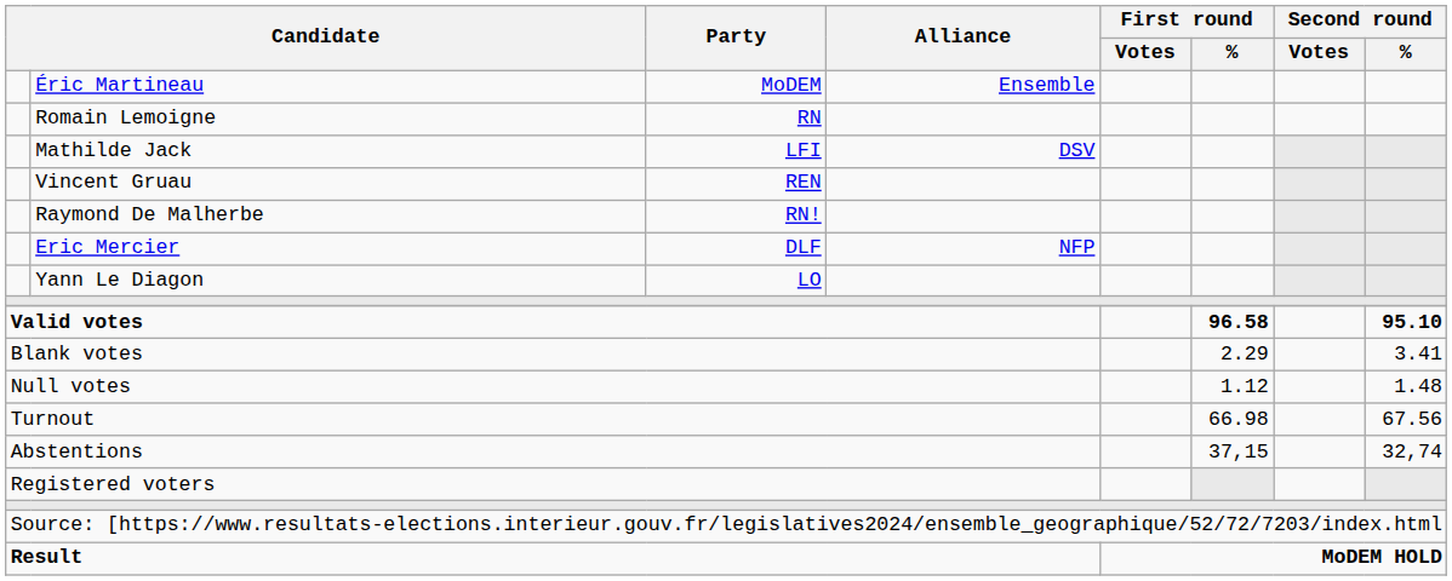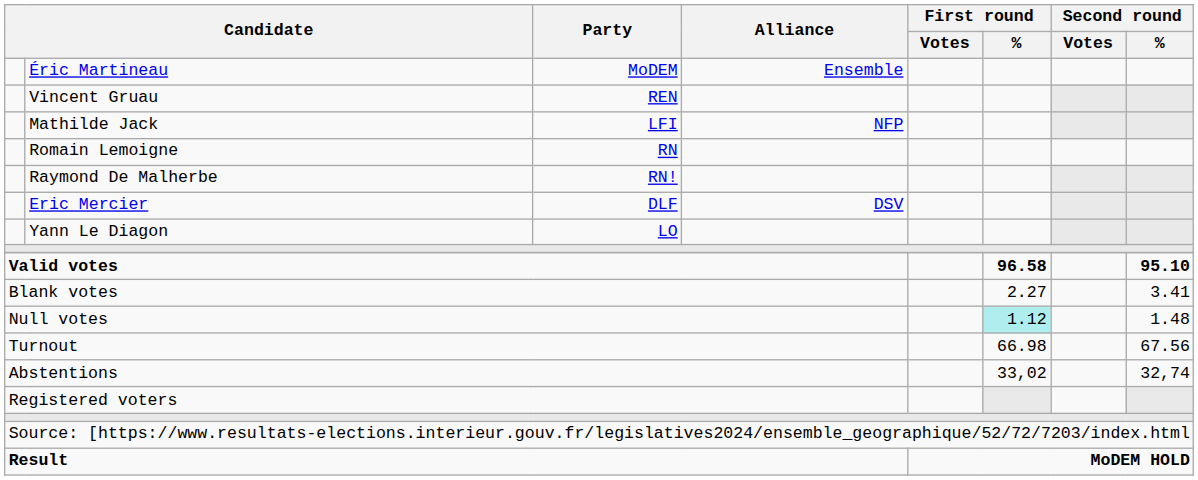 <table class="wikitable" style="text-align:right;font-size:95%;">
 <tr>
 <th colspan="2" rowspan="2">Candidate</th>
 <th colspan="1" rowspan="2">Party</th>
 <th colspan="1" rowspan="2">Alliance</th>
 <th colspan="2">First round</th>
 <th colspan="2">Second round</th>
 </tr>
 <tr>
 <th style="width:50px;">Votes</th>
 <th style="width:45px;">%</th>
 <th style="width:50px;">Votes</th>
 <th style="width:45px;">%</th>
 </tr>
 <tr>
 <td style="color:inherit;background:"></td>
 <td style="text-align:left;"><a href='#'>Éric Martineau</a></td>
 <td><a href='#'>MoDEM</a></td>
 <td><a href='#'>Ensemble</a></td>
 <td><strong></strong></td>
 <td><strong></strong></td>
 <td><strong></strong></td>
 <td><strong></strong></td>
 </tr>
 <tr>
 <td style="color:inherit;background:"></td>
+<td style="text-align:left;">Vincent Gruau</td>
+<td><a href='#'>REN</a></td>
+<td></td>
+<td></td>
+<td></td>
+<td style="background:#E9E9E9;"></td>
+<td style="background:#E9E9E9;"></td>
+</tr>
+<tr>
+<td style="color:inherit;background:"></td>
+<td style="text-align:left;">Mathilde Jack</td>
+<td><a href='#'>LFI</a></td>
+<td><a href='#'>NFP</a></td>
+<td></td>
+<td></td>
+<td style="background:#E9E9E9;"></td>
+<td style="background:#E9E9E9;"></td>
+</tr>
+<tr>
+<td style="color:inherit;background:"></td>
 <td style="text-align:left;">Romain Lemoigne</td>
 <td><a href='#'>RN</a></td>
 <td></td>
 <td><strong></strong></td>
 <td><strong></strong></td>
 <td></td>
 <td></td>
-</tr>
-<tr>
-<td style="color:inherit;background:"></td>
-<td style="text-align:left;">Mathilde Jack</td>
-<td><a href='#'>LFI</a></td>
-<td><a href='#'>DSV</a></td>
-<td></td>
-<td></td>
-<td style="background:#E9E9E9;"></td>
-<td style="background:#E9E9E9;"></td>
-</tr>
-<tr>
-<td style="color:inherit;background:"></td>
-<td style="text-align:left;">Vincent Gruau</td>
-<td><a href='#'>REN</a></td>
-<td></td>
-<td></td>
-<td></td>
-<td style="background:#E9E9E9;"></td>
-<td style="background:#E9E9E9;"></td>
 </tr>
 <tr>
 <td style="color:inherit;background:"></td>
 <td style="text-align:left;">Raymond De Malherbe</td>
 <td><a href='#'>RN!</a></td>
 <td></td>
 <td></td>
 <td></td>
 <td style="background:#E9E9E9;"></td>
 <td style="background:#E9E9E9;"></td>
 </tr>
 <tr>
 <td style="color:inherit;background:"></td>
 <td style="text-align:left;"><a href='#'>Eric Mercier</a></td>
 <td><a href='#'>DLF</a></td>
-<td><a href='#'>NFP</a></td>
+<td><a href='#'>DSV</a></td>
 <td></td>
 <td></td>
 <td style="background:#E9E9E9;"></td>
 <td style="background:#E9E9E9;"></td>
 </tr>
 <tr>
 <td style="color:inherit;background:"></td>
 <td style="text-align:left;">Yann Le Diagon</td>
 <td><a href='#'>LO</a></td>
 <td></td>
 <td></td>
 <td></td>
 <td style="background:#E9E9E9;"></td>
 <td style="background:#E9E9E9;"></td>
 </tr>
 <tr>
 <td colspan="8" style="background:#E9E9E9;"></td>
 </tr>
 <tr>
 </tr>
 <tr style="font-weight:bold;">
 <td colspan="4" style="text-align:left;">Valid votes</td>
 <td></td>
 <td>96.58</td>
 <td></td>
 <td>95.10</td>
 </tr>
 <tr>
 <td colspan="4" style="text-align:left;">Blank votes</td>
 <td></td>
-<td>2.29</td>
+<td>2.27</td>
 <td></td>
 <td>3.41</td>
 </tr>
 <tr>
 <td colspan="4" style="text-align:left;">Null votes</td>
 <td></td>
-<td>1.12</td>
+<td style="background: paleturquoise;">1.12</td>
 <td></td>
 <td>1.48</td>
 </tr>
 <tr>
 <td colspan="4" style="text-align:left;">Turnout</td>
 <td></td>
 <td>66.98</td>
 <td></td>
 <td>67.56</td>
 </tr>
 <tr>
 <td colspan="4" style="text-align:left;">Abstentions</td>
 <td></td>
-<td>37,15</td>
+<td>33,02</td>
 <td></td>
 <td>32,74</td>
 </tr>
 <tr>
 <td colspan="4" style="text-align:left;">Registered voters</td>
 <td></td>
 <td style="background:#E9E9E9;"></td>
 <td></td>
 <td style="background:#E9E9E9;"></td>
 </tr>
 <tr>
 <td colspan="8" style="background:#E9E9E9;"></td>
 </tr>
 <tr>
 <td colspan="8" style="text-align:left;">Source: [https://www.resultats-elections.interieur.gouv.fr/legislatives2024/ensemble_geographique/52/72/7203/index.html</td>
 </tr>
 <tr style="font-weight:bold">
 <td colspan="4" style="text-align:left;">Result</td>
 <td colspan="4" style="background-color:">MoDEM HOLD</td>
 </tr>
 </table>
